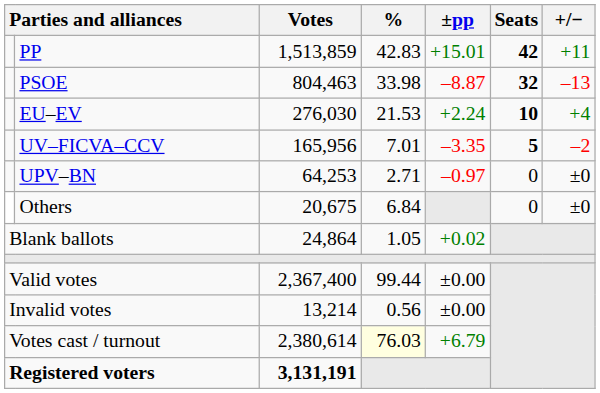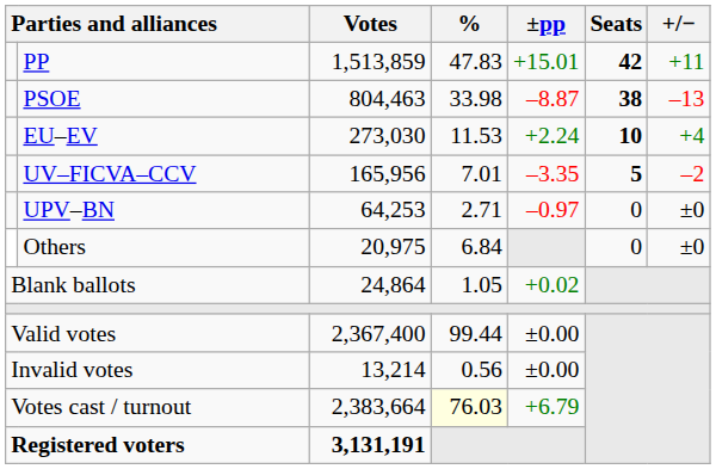 <table class="wikitable" style="text-align:right;">
 <tr>
 <th style="text-align:left;" colspan="2" width="200">Parties and alliances</th>
 <th width="75">Votes</th>
 <th width="45">%</th>
 <th width="45">±<a href='#'>pp</a></th>
 <th width="35">Seats</th>
 <th width="35">+/−</th>
 </tr>
 <tr>
 <td width="1" style="color:inherit;background:"></td>
 <td align="left"><a href='#'>PP</a></td>
 <td>1,513,859</td>
-<td>42.83</td>
+<td>47.83</td>
 <td style="color:green;">+15.01</td>
 <td><strong>42</strong></td>
 <td style="color:green;">+11</td>
 </tr>
 <tr>
 <td style="color:inherit;background:"></td>
 <td align="left"><a href='#'>PSOE</a></td>
 <td>804,463</td>
 <td>33.98</td>
 <td style="color:red;">–8.87</td>
-<td><strong>32</strong></td>
+<td><strong>38</strong></td>
 <td style="color:red;">–13</td>
 </tr>
 <tr>
 <td style="color:inherit;background:"></td>
 <td align="left"><a href='#'>EU</a>–<a href='#'>EV</a></td>
-<td>276,030</td>
-<td>21.53</td>
+<td>273,030</td>
+<td>11.53</td>
 <td style="color:green;">+2.24</td>
 <td><strong>10</strong></td>
 <td style="color:green;">+4</td>
 </tr>
 <tr>
 <td style="color:inherit;background:"></td>
 <td align="left"><a href='#'>UV–FICVA–CCV</a></td>
 <td>165,956</td>
 <td>7.01</td>
 <td style="color:red;">–3.35</td>
 <td><strong>5</strong></td>
 <td style="color:red;">–2</td>
 </tr>
 <tr>
 <td style="color:inherit;background:"></td>
 <td align="left"><a href='#'>UPV</a>–<a href='#'>BN</a></td>
 <td>64,253</td>
 <td>2.71</td>
 <td style="color:red;">–0.97</td>
 <td>0</td>
 <td>±0</td>
 </tr>
 <tr>
 <td bgcolor="white"></td>
 <td align="left">Others</td>
-<td>20,675</td>
+<td>20,975</td>
 <td>6.84</td>
 <td bgcolor="#E9E9E9"></td>
 <td>0</td>
 <td>±0</td>
 </tr>
 <tr>
 <td align="left" colspan="2">Blank ballots</td>
 <td>24,864</td>
 <td>1.05</td>
 <td style="color:green;">+0.02</td>
 <td bgcolor="#E9E9E9" colspan="2"></td>
 </tr>
 <tr>
 <td colspan="7" bgcolor="#E9E9E9"></td>
 </tr>
 <tr>
 <td align="left" colspan="2">Valid votes</td>
 <td>2,367,400</td>
 <td>99.44</td>
 <td>±0.00</td>
 <td bgcolor="#E9E9E9" colspan="2" rowspan="4"></td>
 </tr>
 <tr>
 <td align="left" colspan="2">Invalid votes</td>
 <td>13,214</td>
 <td>0.56</td>
 <td>±0.00</td>
 </tr>
 <tr>
 <td align="left" colspan="2">Votes cast / turnout</td>
-<td>2,380,614</td>
+<td>2,383,664</td>
 <td style="background: lightyellow;">76.03</td>
 <td style="color:green;">+6.79</td>
 </tr>
 <tr style="font-weight:bold;">
 <td align="left" colspan="2">Registered voters</td>
 <td>3,131,191</td>
 <td bgcolor="#E9E9E9" colspan="2"></td>
 </tr>
 </table>
